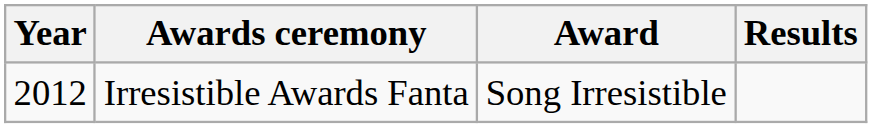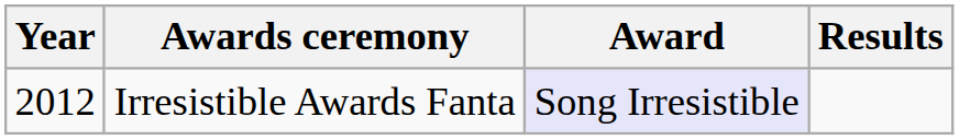 <table class="wikitable">
 <tr>
 <th>Year</th>
 <th>Awards ceremony</th>
 <th>Award</th>
 <th>Results</th>
 </tr>
 <tr>
 <td rowspan="2">2012</td>
 <td>Irresistible Awards Fanta</td>
-<td>Song Irresistible</td>
+<td style="background: lavender;">Song Irresistible</td>
 <td></td>
 </tr>
 </table>
